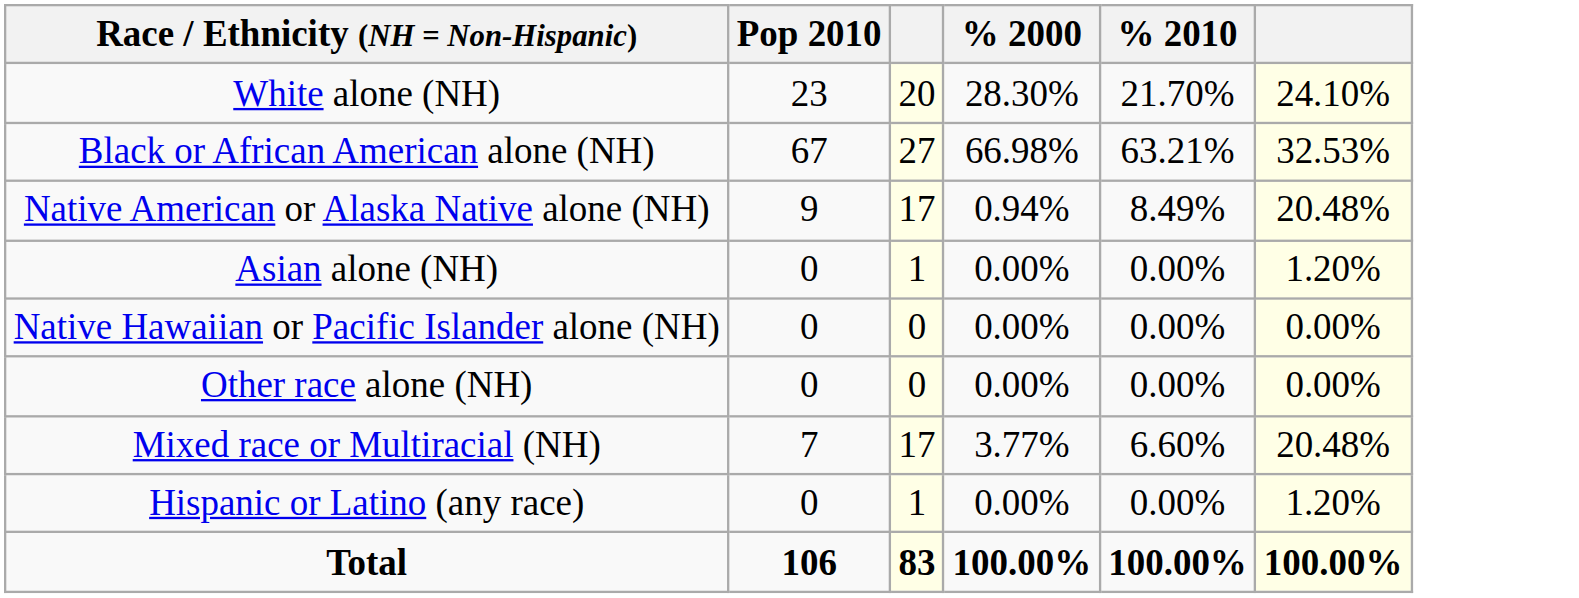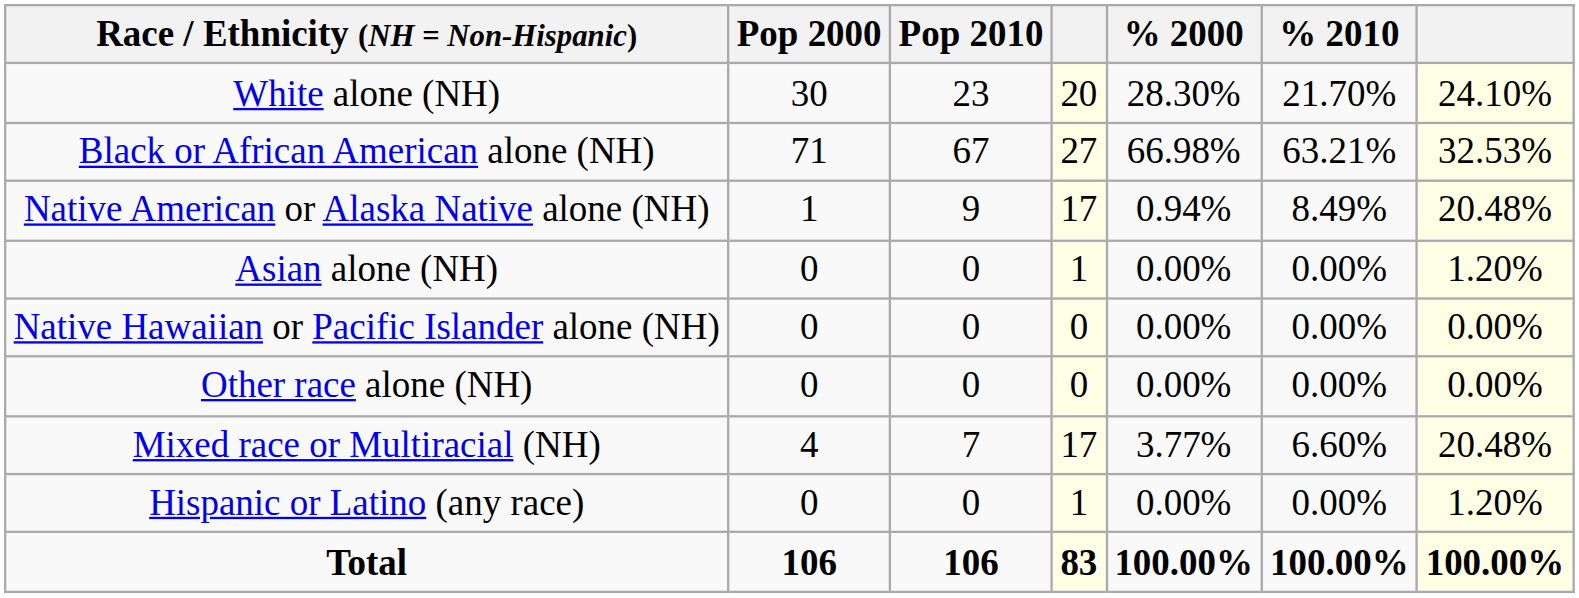 <table class="wikitable" style="text-align:center;">
 <tr>
 <th>Race / Ethnicity <small>(<em>NH = Non-Hispanic</em>)</small></th>
+<th>Pop 2000</th>
 <th>Pop 2010</th>
 <th></th>
 <th>% 2000</th>
 <th>% 2010</th>
 <th></th>
 </tr>
 <tr>
 <td><a href='#'>White</a> alone (NH)</td>
+<td>30</td>
 <td>23</td>
 <td style='background: #ffffe6;'>20</td>
 <td>28.30%</td>
 <td>21.70%</td>
 <td style='background: #ffffe6;'>24.10%</td>
 </tr>
 <tr>
 <td><a href='#'>Black or African American</a> alone (NH)</td>
+<td>71</td>
 <td>67</td>
 <td style='background: #ffffe6;'>27</td>
 <td>66.98%</td>
 <td>63.21%</td>
 <td style='background: #ffffe6;'>32.53%</td>
 </tr>
 <tr>
 <td><a href='#'>Native American</a> or <a href='#'>Alaska Native</a> alone (NH)</td>
+<td>1</td>
 <td>9</td>
 <td style='background: #ffffe6;'>17</td>
 <td>0.94%</td>
 <td>8.49%</td>
 <td style='background: #ffffe6;'>20.48%</td>
 </tr>
 <tr>
 <td><a href='#'>Asian</a> alone (NH)</td>
 <td>0</td>
+<td>0</td>
 <td style='background: #ffffe6;'>1</td>
 <td>0.00%</td>
 <td>0.00%</td>
 <td style='background: #ffffe6;'>1.20%</td>
 </tr>
 <tr>
 <td><a href='#'>Native Hawaiian</a> or <a href='#'>Pacific Islander</a> alone (NH)</td>
+<td>0</td>
 <td>0</td>
 <td style='background: #ffffe6;'>0</td>
 <td>0.00%</td>
 <td>0.00%</td>
 <td style='background: #ffffe6;'>0.00%</td>
 </tr>
 <tr>
 <td><a href='#'>Other race</a> alone (NH)</td>
 <td>0</td>
+<td>0</td>
 <td style='background: #ffffe6;'>0</td>
 <td>0.00%</td>
 <td>0.00%</td>
 <td style='background: #ffffe6;'>0.00%</td>
 </tr>
 <tr>
 <td><a href='#'>Mixed race or Multiracial</a> (NH)</td>
+<td>4</td>
 <td>7</td>
 <td style='background: #ffffe6;'>17</td>
 <td>3.77%</td>
 <td>6.60%</td>
 <td style='background: #ffffe6;'>20.48%</td>
 </tr>
 <tr>
 <td><a href='#'>Hispanic or Latino</a> (any race)</td>
 <td>0</td>
+<td>0</td>
 <td style='background: #ffffe6;'>1</td>
 <td>0.00%</td>
 <td>0.00%</td>
 <td style='background: #ffffe6;'>1.20%</td>
 </tr>
 <tr>
 <td><strong>Total</strong></td>
 <td><strong>106</strong></td>
+<td><strong>106</strong></td>
 <td style='background: #ffffe6;'><strong>83</strong></td>
 <td><strong>100.00%</strong></td>
 <td><strong>100.00%</strong></td>
 <td style='background: #ffffe6;'><strong>100.00%</strong></td>
 </tr>
 </table>
